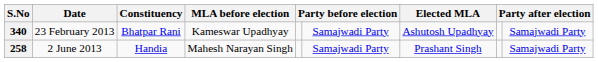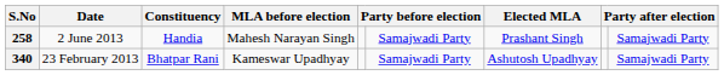 <table class="wikitable sortable" style="text-align:center;">
 <tr>
 <th>S.No</th>
 <th>Date</th>
 <th>Constituency</th>
 <th>MLA before election</th>
 <th colspan="2">Party before election</th>
 <th>Elected MLA</th>
 <th colspan="2">Party after election</th>
+</tr>
+<tr>
+<th>258</th>
+<td>2 June 2013</td>
+<td><a href='#'>Handia</a></td>
+<td>Mahesh Narayan Singh</td>
+<td></td>
+<td><a href='#'>Samajwadi Party</a></td>
+<td><a href='#'>Prashant Singh</a></td>
+<td></td>
+<td><a href='#'>Samajwadi Party</a></td>
 </tr>
 <tr>
 <th>340</th>
 <td>23 February 2013</td>
 <td><a href='#'>Bhatpar Rani</a></td>
 <td>Kameswar Upadhyay</td>
 <td></td>
 <td><a href='#'>Samajwadi Party</a></td>
 <td><a href='#'>Ashutosh Upadhyay</a></td>
 <td></td>
 <td><a href='#'>Samajwadi Party</a></td>
 </tr>
-<tr>
-<th>258</th>
-<td>2 June 2013</td>
-<td><a href='#'>Handia</a></td>
-<td>Mahesh Narayan Singh</td>
-<td></td>
-<td><a href='#'>Samajwadi Party</a></td>
-<td><a href='#'>Prashant Singh</a></td>
-<td></td>
-<td><a href='#'>Samajwadi Party</a></td>
-</tr>
 </table>
